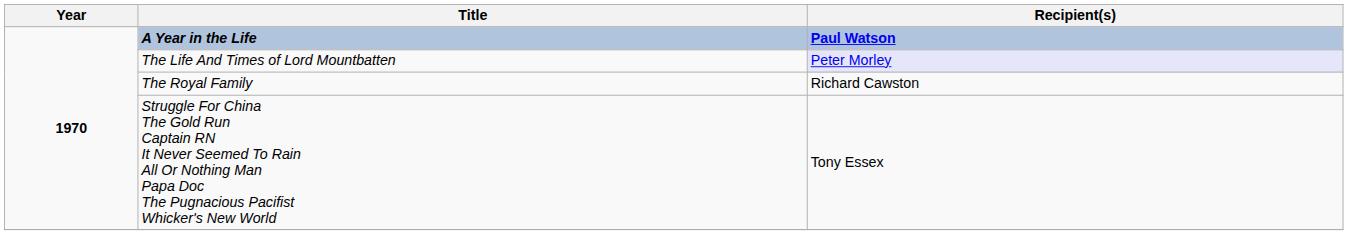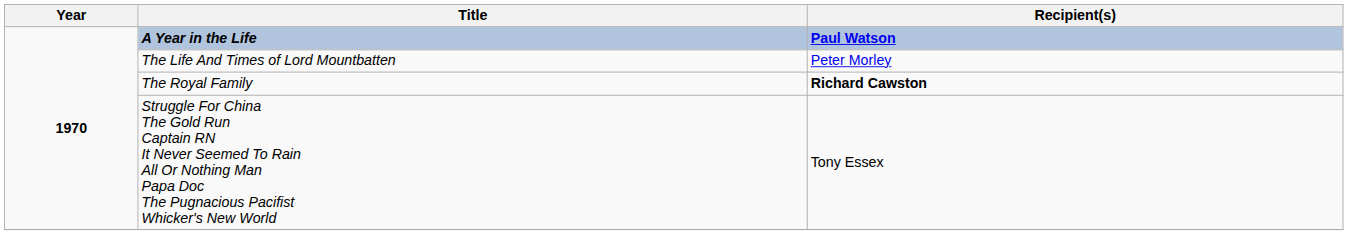 <table class="wikitable" width="95%">
 <tr>
 <th width=5%>Year</th>
 <th width=25%><strong>Title</strong></th>
 <th width=20%><strong>Recipient(s)</strong></th>
 </tr>
 <tr>
 <td rowspan="4" style="text-align:center;"><strong>1970</strong></td>
 <td style="background:#B0C4DE;"><strong><em>A Year in the Life</em></strong></td>
 <td style="background:#B0C4DE;"><strong><a href='#'>Paul Watson</a></strong></td>
 </tr>
 <tr>
 <td><em>The Life And Times of Lord Mountbatten</em></td>
-<td style="background: lavender;"><a href='#'>Peter Morley</a></td>
+<td><a href='#'>Peter Morley</a></td>
 </tr>
 <tr>
 <td><em>The Royal Family</em></td>
-<td>Richard Cawston</td>
+<td><strong>Richard Cawston</strong></td>
 </tr>
 <tr>
 <td><em>Struggle For China<br>The Gold Run<br>Captain RN<br>It Never Seemed To Rain<br>All Or Nothing Man<br>Papa Doc<br>The Pugnacious Pacifist<br>Whicker's New World</em></td>
 <td>Tony Essex</td>
 </tr>
 <tr>
 </tr>
 </table>
